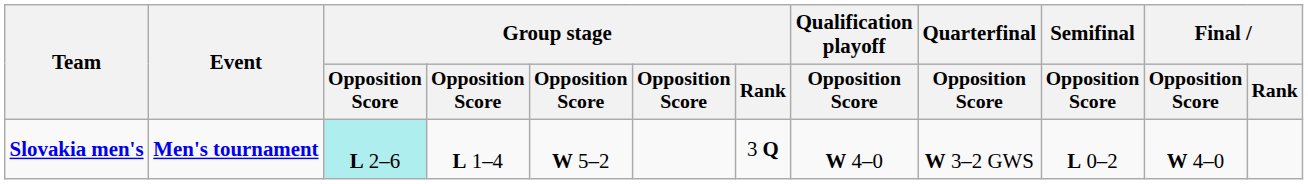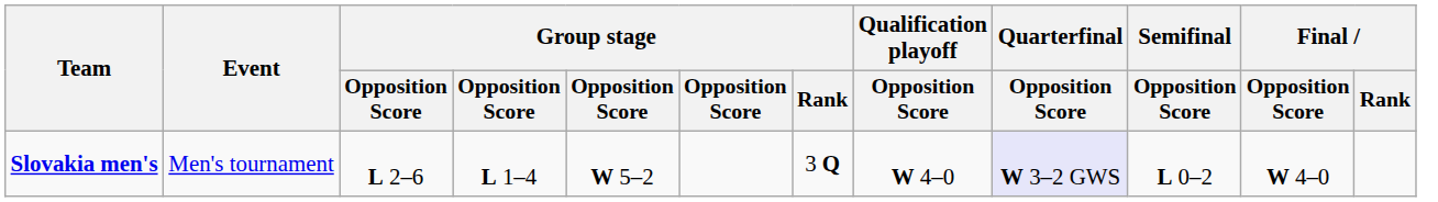 <table class="wikitable" style="font-size:90%">
 <tr>
 <th rowspan=2>Team</th>
 <th rowspan=2>Event</th>
 <th colspan=5>Group stage</th>
 <th>Qualification<br>playoff</th>
 <th>Quarterfinal</th>
 <th>Semifinal</th>
 <th colspan=2>Final / </th>
 </tr>
 <tr style="font-size:95%">
 <th>Opposition<br>Score</th>
 <th>Opposition<br>Score</th>
 <th>Opposition<br>Score</th>
 <th>Opposition<br>Score</th>
 <th>Rank</th>
 <th>Opposition<br>Score</th>
 <th>Opposition<br>Score</th>
 <th>Opposition<br>Score</th>
 <th>Opposition<br>Score</th>
 <th>Rank</th>
 </tr>
 <tr align=center>
 <td align=left><strong><a href='#'>Slovakia men's</a></strong></td>
-<td align=left><strong><a href='#'>Men's tournament</a></strong></td>
-<td style="background: paleturquoise;"><br><strong>L</strong> 2–6</td>
+<td align=left><a href='#'>Men's tournament</a></td>
+<td><br><strong>L</strong> 2–6</td>
 <td><br><strong>L</strong> 1–4</td>
 <td><br><strong>W</strong> 5–2</td>
 <td></td>
 <td>3 <strong>Q</strong></td>
 <td><br><strong>W</strong> 4–0</td>
-<td><br><strong>W</strong> 3–2 GWS</td>
+<td style="background: lavender;"><br><strong>W</strong> 3–2 GWS</td>
 <td><br><strong>L</strong> 0–2</td>
 <td><br><strong>W</strong> 4–0</td>
 <td></td>
 </tr>
 </table>
